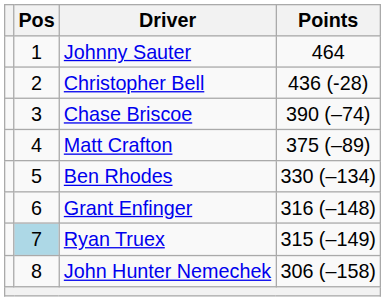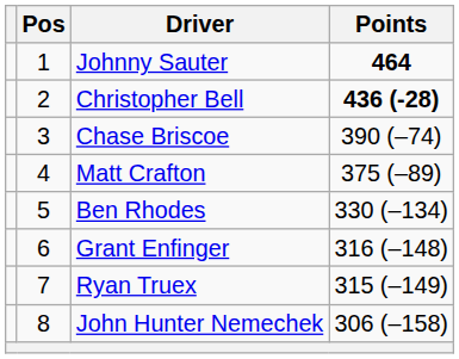 <table class="wikitable" style="font-size: 95%;">
 <tr>
 <th></th>
 <th>Pos</th>
 <th>Driver</th>
 <th>Points</th>
 </tr>
 <tr>
 <td align="left"></td>
 <td style="text-align:center;">1</td>
 <td><a href='#'>Johnny Sauter</a></td>
-<td style="text-align:center;">464</td>
+<td style="text-align:center;"><strong>464</strong></td>
 </tr>
 <tr>
 <td align="left"></td>
 <td style="text-align:center;">2</td>
 <td><a href='#'>Christopher Bell</a></td>
-<td style="text-align:center;">436 (-28)</td>
+<td style="text-align:center;"><strong>436 (-28)</strong></td>
 </tr>
 <tr>
 <td align="left"></td>
 <td style="text-align:center;">3</td>
 <td><a href='#'>Chase Briscoe</a></td>
 <td style="text-align:center;">390 (–74)</td>
 </tr>
 <tr>
 <td align="left"></td>
 <td style="text-align:center;">4</td>
 <td><a href='#'>Matt Crafton</a></td>
 <td style="text-align:center;">375 (–89)</td>
 </tr>
 <tr>
 <td align="left"></td>
 <td style="text-align:center;">5</td>
 <td><a href='#'>Ben Rhodes</a></td>
 <td style="text-align:center;">330 (–134)</td>
 </tr>
 <tr>
 <td align="left"></td>
 <td style="text-align:center;">6</td>
 <td><a href='#'>Grant Enfinger</a></td>
 <td style="text-align:center;">316 (–148)</td>
 </tr>
 <tr>
 <td align="left"></td>
-<td style="background: lightblue; text-align:center;">7</td>
+<td style="text-align:center;">7</td>
 <td><a href='#'>Ryan Truex</a></td>
 <td style="text-align:center;">315 (–149)</td>
 </tr>
 <tr>
 <td align="left"></td>
 <td style="text-align:center;">8</td>
 <td><a href='#'>John Hunter Nemechek</a></td>
 <td style="text-align:center;">306 (–158)</td>
 </tr>
 <tr class="sortbottom">
 <th colspan="9"></th>
 </tr>
 </table>
